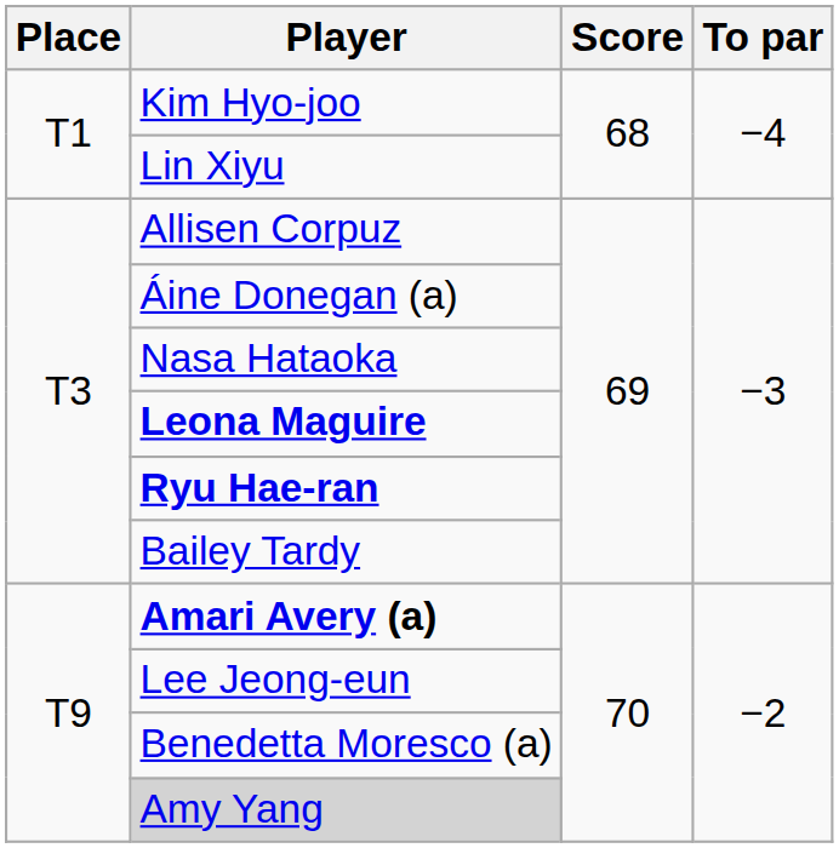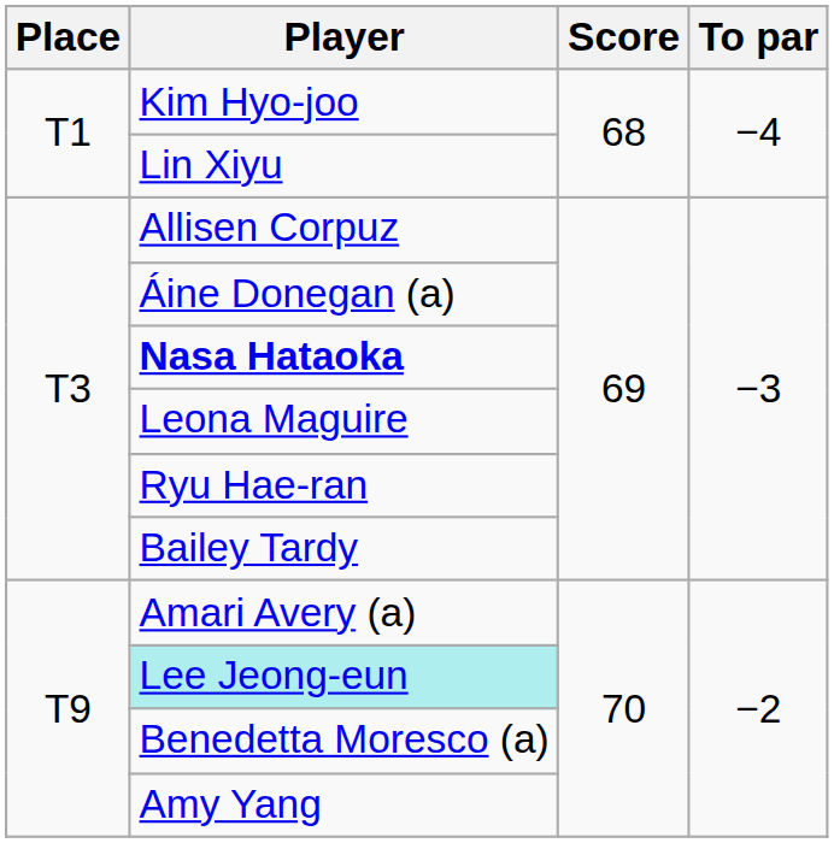 <table class="wikitable">
 <tr>
 <th>Place</th>
 <th>Player</th>
 <th>Score</th>
 <th>To par</th>
 </tr>
 <tr>
 <td rowspan=2 align=center>T1</td>
 <td> <a href='#'>Kim Hyo-joo</a></td>
 <td rowspan=2 align=center>68</td>
 <td rowspan=2 align=center>−4</td>
 </tr>
 <tr>
 <td> <a href='#'>Lin Xiyu</a></td>
 </tr>
 <tr>
 <td rowspan=6 align=center>T3</td>
 <td> <a href='#'>Allisen Corpuz</a></td>
 <td rowspan=6 align=center>69</td>
 <td rowspan=6 align=center>−3</td>
 </tr>
 <tr>
 <td> <a href='#'>Áine Donegan</a> (a)</td>
 </tr>
 <tr>
-<td> <a href='#'>Nasa Hataoka</a></td>
+<td><strong> <a href='#'>Nasa Hataoka</a></strong></td>
 </tr>
 <tr>
-<td><strong> <a href='#'>Leona Maguire</a></strong></td>
+<td> <a href='#'>Leona Maguire</a></td>
 </tr>
 <tr>
-<td><strong> <a href='#'>Ryu Hae-ran</a></strong></td>
+<td> <a href='#'>Ryu Hae-ran</a></td>
 </tr>
 <tr>
 <td> <a href='#'>Bailey Tardy</a></td>
 </tr>
 <tr>
 <td rowspan=4 align=center>T9</td>
-<td><strong> <a href='#'>Amari Avery</a> (a)</strong></td>
+<td> <a href='#'>Amari Avery</a> (a)</td>
 <td rowspan=4 align=center>70</td>
 <td rowspan=4 align=center>−2</td>
 </tr>
 <tr>
-<td> <a href='#'>Lee Jeong-eun</a></td>
+<td style="background: paleturquoise;"> <a href='#'>Lee Jeong-eun</a></td>
 </tr>
 <tr>
 <td> <a href='#'>Benedetta Moresco</a> (a)</td>
 </tr>
 <tr>
-<td style="background: lightgrey;"> <a href='#'>Amy Yang</a></td>
+<td> <a href='#'>Amy Yang</a></td>
 </tr>
 </table>
